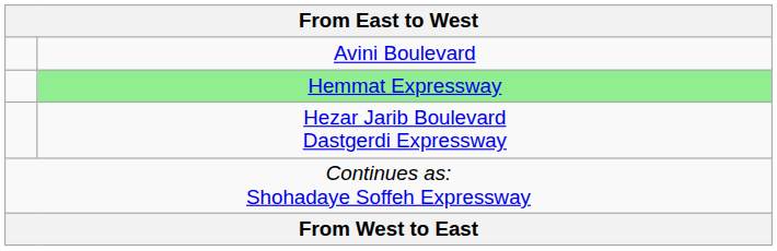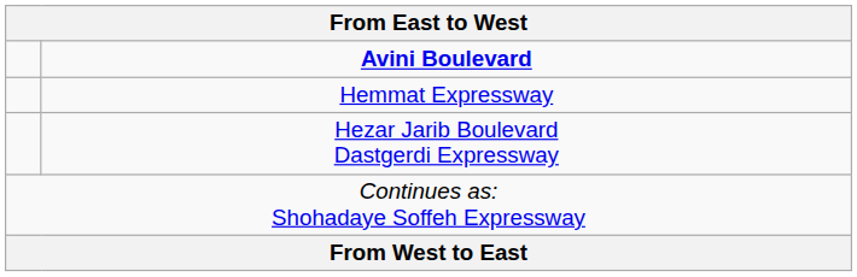 <table class="wikitable" style="text-align:center" width="600px">
 <tr>
 <th text-align="center" colspan="3"> From East to West </th>
 </tr>
 <tr>
 <td><br></td>
-<td> <a href='#'>Avini Boulevard</a></td>
+<td><strong> <a href='#'>Avini Boulevard</a></strong></td>
 </tr>
 <tr>
 <td></td>
-<td style="background: lightgreen;"> <a href='#'>Hemmat Expressway</a></td>
+<td> <a href='#'>Hemmat Expressway</a></td>
 </tr>
 <tr>
 <td><br></td>
 <td> <a href='#'>Hezar Jarib Boulevard</a><br> <a href='#'>Dastgerdi Expressway</a></td>
 </tr>
 <tr>
 <td colspan="7" align="center"><em>Continues as:</em><br> <a href='#'>Shohadaye Soffeh Expressway</a></td>
 </tr>
 <tr>
 <th text-align="center" colspan="3"> From West to East </th>
 </tr>
 </table>
